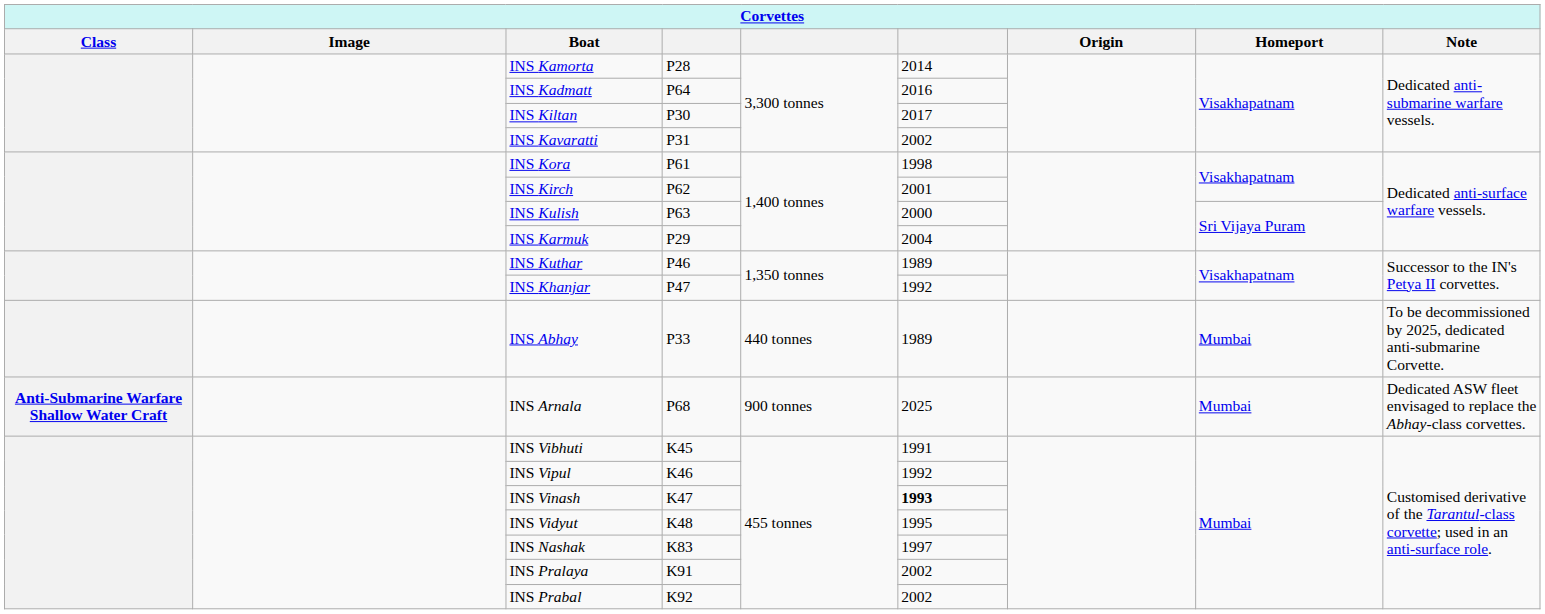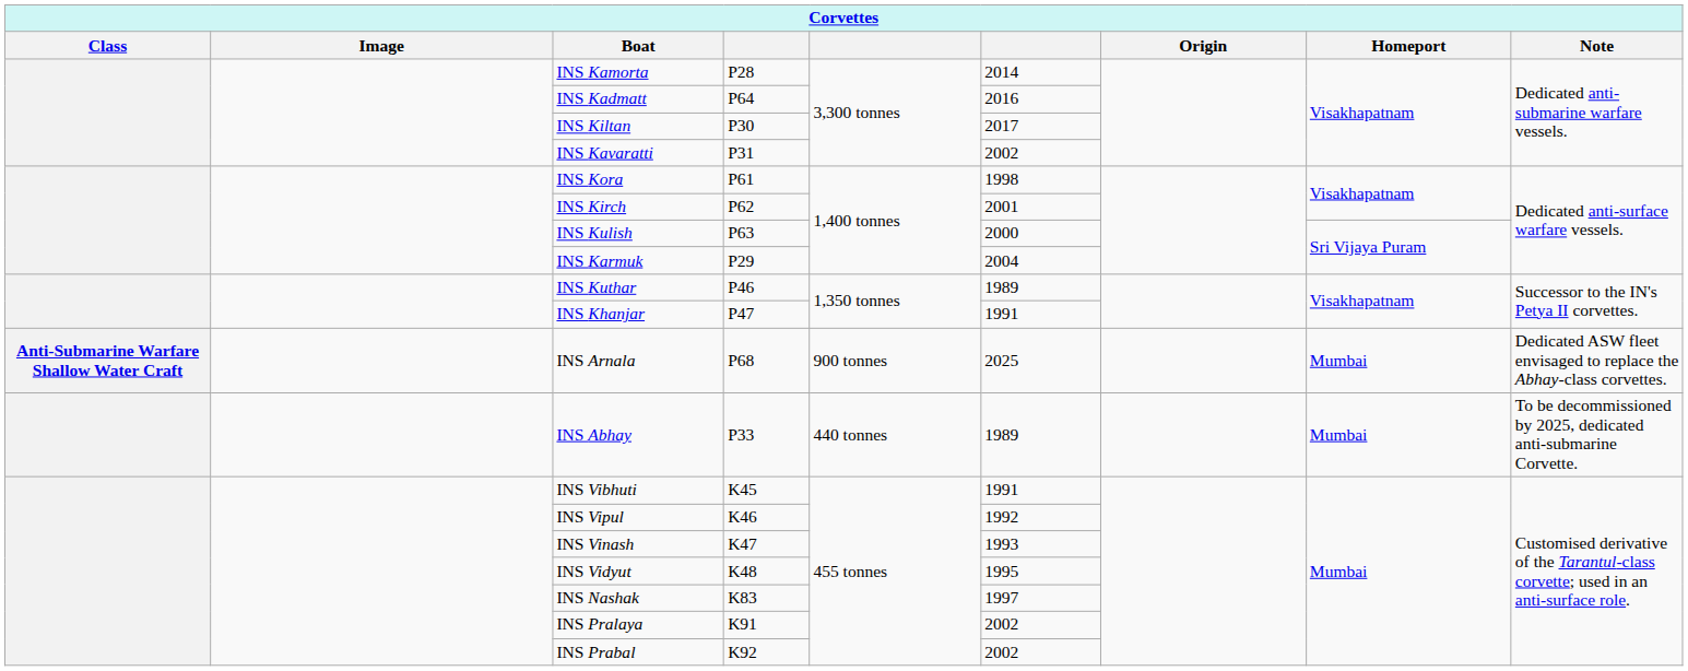 <table class="wikitable" style="margin:auto; width:100%;">
 <tr>
 <th colspan="9" style="align: center; background: #CEF6F5;"><a href='#'>Corvettes</a></th>
 </tr>
 <tr>
 <th style="text-align:center; width:12%;"><a href='#'>Class</a></th>
 <th style="text-align:center; width:20%;">Image</th>
 <th style="text-align:center; width:10%;">Boat</th>
 <th style="text-align:center; width:5%;"></th>
 <th style="text-align:center; width:10%;"></th>
 <th style="text-align:center; width:7%;"></th>
 <th style="text-align:center; width:12%;">Origin</th>
 <th style="text-align:center; width:12%;">Homeport</th>
 <th style="text-align:center; width:10%;">Note</th>
 </tr>
 <tr>
 <th rowspan="4"></th>
 <td rowspan="4"></td>
 <td><a href='#'>INS <em>Kamorta</em></a></td>
 <td>P28</td>
 <td rowspan="4">3,300 tonnes</td>
 <td>2014</td>
 <td rowspan="4"></td>
 <td rowspan="4"><a href='#'>Visakhapatnam</a></td>
 <td rowspan="4">Dedicated <a href='#'>anti-submarine warfare</a> vessels.</td>
 </tr>
 <tr>
 <td><a href='#'>INS <em>Kadmatt</em></a></td>
 <td>P64</td>
 <td>2016</td>
 </tr>
 <tr>
 <td><a href='#'>INS <em>Kiltan</em></a></td>
 <td>P30</td>
 <td>2017</td>
 </tr>
 <tr>
 <td><a href='#'>INS <em>Kavaratti</em></a></td>
 <td>P31</td>
 <td>2002</td>
 </tr>
 <tr>
 <th rowspan="4"></th>
 <td rowspan="4"></td>
 <td><a href='#'>INS <em>Kora</em></a></td>
 <td>P61</td>
 <td rowspan="4">1,400 tonnes</td>
 <td>1998</td>
 <td rowspan="4"></td>
 <td rowspan="2"><a href='#'>Visakhapatnam</a></td>
 <td rowspan="4">Dedicated <a href='#'>anti-surface warfare</a> vessels.</td>
 </tr>
 <tr>
 <td><a href='#'>INS <em>Kirch</em></a></td>
 <td>P62</td>
 <td>2001</td>
 </tr>
 <tr>
 <td><a href='#'>INS <em>Kulish</em></a></td>
 <td>P63</td>
 <td>2000</td>
 <td rowspan="2"><a href='#'>Sri Vijaya Puram</a></td>
 </tr>
 <tr>
 <td><a href='#'>INS <em>Karmuk</em></a></td>
 <td>P29</td>
 <td>2004</td>
 </tr>
 <tr>
 <th rowspan="2"></th>
 <td rowspan="2"></td>
 <td><a href='#'>INS <em>Kuthar</em></a></td>
 <td>P46</td>
 <td rowspan="2">1,350 tonnes</td>
 <td>1989</td>
 <td rowspan="2"></td>
 <td rowspan="2"><a href='#'>Visakhapatnam</a></td>
 <td rowspan="2">Successor to the IN's <a href='#'>Petya II</a> corvettes.</td>
 </tr>
 <tr>
 <td><a href='#'>INS <em>Khanjar</em></a></td>
 <td>P47</td>
-<td>1992</td>
+<td>1991</td>
+</tr>
+<tr>
+<th rowspan="1"><a href='#'>Anti-Submarine Warfare Shallow Water Craft</a></th>
+<td rowspan="1"></td>
+<td>INS <em>Arnala</em></td>
+<td>P68</td>
+<td rowspan="1">900 tonnes</td>
+<td>2025</td>
+<td rowspan="1"></td>
+<td><a href='#'>Mumbai</a></td>
+<td rowspan="1">Dedicated ASW fleet envisaged to replace the <em>Abhay</em>-class corvettes.</td>
 </tr>
 <tr>
 <th rowspan="1"></th>
 <td rowspan="1"></td>
 <td><a href='#'>INS <em>Abhay</em></a></td>
 <td>P33</td>
 <td rowspan="1">440 tonnes</td>
 <td>1989</td>
 <td rowspan="1"></td>
 <td><a href='#'>Mumbai</a></td>
 <td rowspan="1">To be decommissioned by 2025, dedicated anti-submarine Corvette.</td>
-</tr>
-<tr>
-<th rowspan="1"><a href='#'>Anti-Submarine Warfare Shallow Water Craft</a></th>
-<td rowspan="1"></td>
-<td>INS <em>Arnala</em></td>
-<td>P68</td>
-<td rowspan="1">900 tonnes</td>
-<td>2025</td>
-<td rowspan="1"></td>
-<td><a href='#'>Mumbai</a></td>
-<td rowspan="1">Dedicated ASW fleet envisaged to replace the <em>Abhay</em>-class corvettes.</td>
 </tr>
 <tr>
 <th rowspan="7"></th>
 <td rowspan="7"></td>
 <td>INS <em>Vibhuti</em></td>
 <td>K45</td>
 <td rowspan="7">455 tonnes</td>
 <td>1991</td>
 <td rowspan="7"></td>
 <td rowspan="7"><a href='#'>Mumbai</a></td>
 <td rowspan="7">Customised derivative of the <a href='#'><em>Tarantul</em>-class corvette</a>; used in an <a href='#'>anti-surface role</a>.</td>
 </tr>
 <tr>
 <td>INS <em>Vipul</em></td>
 <td>K46</td>
 <td>1992</td>
 </tr>
 <tr>
 <td>INS <em>Vinash</em></td>
 <td>K47</td>
-<td><strong>1993</strong></td>
+<td>1993</td>
 </tr>
 <tr>
 <td>INS <em>Vidyut</em></td>
 <td>K48</td>
 <td>1995</td>
 </tr>
 <tr>
 <td>INS <em>Nashak</em></td>
 <td>K83</td>
 <td>1997</td>
 </tr>
 <tr>
 <td>INS <em>Pralaya</em></td>
 <td>K91</td>
 <td>2002</td>
 </tr>
 <tr>
 <td>INS <em>Prabal</em></td>
 <td>K92</td>
 <td>2002</td>
 </tr>
 </table>
